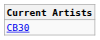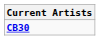 <table class="wikitable">
 <tr>
 <th>Current Artists</th>
 </tr>
 <tr>
-<td><a href='#'>CB30</a></td>
+<td><strong><a href='#'>CB30</a></strong></td>
 </tr>
 </table>
